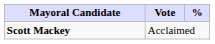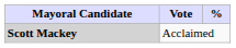 <table class="wikitable">
 <tr>
 <th style="background:#ddf; width:200px;">Mayoral Candidate</th>
 <th style="background:#ddf; width:50px;">Vote</th>
 <th style="background:#ddf; width:30px;">%</th>
 </tr>
 <tr>
-<td><strong>Scott Mackey</strong></td>
+<td style="background: lightgrey;"><strong>Scott Mackey</strong></td>
 <td colspan="2">Acclaimed</td>
 </tr>
 </table>
